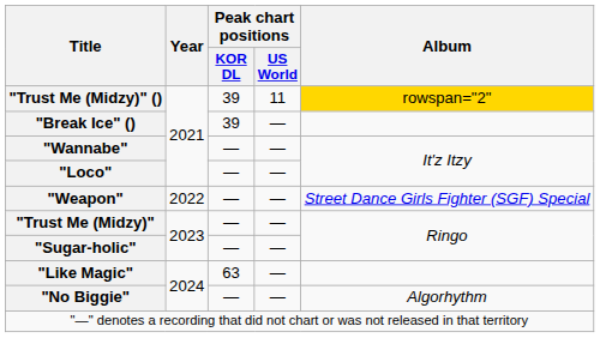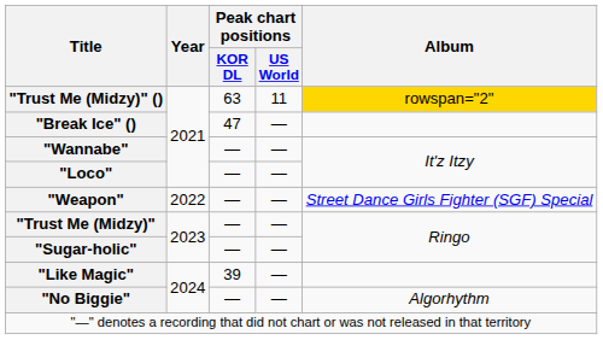 <table class="wikitable plainrowheaders" style="text-align:center">
 <tr>
 <th scope="col" rowspan="2">Title</th>
 <th scope="col" rowspan="2">Year</th>
 <th scope="col" colspan="2">Peak chart<br>positions</th>
 <th scope="col" rowspan="2">Album</th>
 </tr>
 <tr>
 <th scope="col" style="width:2.8em;font-size:90%"><a href='#'>KOR<br>DL</a><br></th>
 <th scope="col" style="width:2.8em;font-size:90%"><a href='#'>US<br>World</a><br></th>
 </tr>
 <tr>
 <th scope="row">"Trust Me (Midzy)" () </th>
 <td rowspan="4">2021</td>
-<td>39</td>
+<td>63</td>
 <td>11</td>
 <td style="background: gold;">rowspan="2" </td>
 </tr>
 <tr>
 <th scope="row">"Break Ice" ()<br></th>
-<td>39</td>
+<td>47</td>
 <td>—</td>
 </tr>
 <tr>
 <th scope="row">"Wannabe" </th>
 <td>—</td>
 <td>—</td>
 <td rowspan="2"><em>It'z Itzy</em></td>
 </tr>
 <tr>
 <th scope="row">"Loco" </th>
 <td>—</td>
 <td>—</td>
 </tr>
 <tr>
 <th scope="row">"Weapon"</th>
 <td>2022</td>
 <td>—</td>
 <td>—</td>
 <td><em><a href='#'>Street Dance Girls Fighter (SGF) Special</a></em></td>
 </tr>
 <tr>
 <th scope="row">"Trust Me (Midzy)" </th>
 <td rowspan="2">2023</td>
 <td>—</td>
 <td>—</td>
 <td rowspan="2"><em>Ringo</em></td>
 </tr>
 <tr>
 <th scope="row">"Sugar-holic"</th>
 <td>—</td>
 <td>—</td>
 </tr>
 <tr>
 <th scope="row">"Like Magic"<br></th>
 <td rowspan="2">2024</td>
-<td>63</td>
+<td>39</td>
 <td>—</td>
 <td></td>
 </tr>
 <tr>
 <th scope="row">"No Biggie"</th>
 <td>—</td>
 <td>—</td>
 <td><em>Algorhythm</em></td>
 </tr>
 <tr>
 <td colspan="5" style="font-size:85%">"—" denotes a recording that did not chart or was not released in that territory</td>
 </tr>
 </table>
